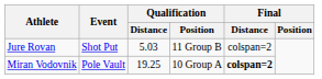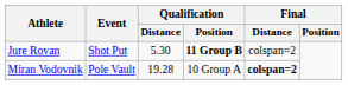 <table class=wikitable style="font-size:90%">
 <tr>
 <th rowspan="2">Athlete</th>
 <th rowspan="2">Event</th>
 <th colspan="2">Qualification</th>
 <th colspan="2">Final</th>
 </tr>
 <tr style="font-size:95%">
 <th>Distance</th>
 <th>Position</th>
 <th>Distance</th>
 <th>Position</th>
 </tr>
 <tr style=text-align:center>
 <td style=text-align:left><a href='#'>Jure Rovan</a></td>
 <td style=text-align:left><a href='#'>Shot Put</a></td>
-<td>5.03</td>
-<td>11 Group B</td>
+<td>5.30</td>
+<td><strong>11 Group B</strong></td>
 <td>colspan=2 </td>
 </tr>
 <tr style=text-align:center>
 <td style=text-align:left><a href='#'>Miran Vodovnik</a></td>
 <td style=text-align:left><a href='#'>Pole Vault</a></td>
-<td>19.25</td>
+<td>19.28</td>
 <td>10 Group A</td>
 <td><strong>colspan=2 </strong></td>
 </tr>
 </table>
